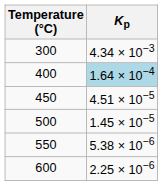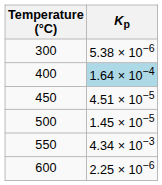 <table class="wikitable" style="clear:right; float:right; margin-left: 1em;" border="3">
 <tr>
 <th>Temperature<br>(°C)</th>
 <th><em>K</em><sub>p</sub><br></th>
 </tr>
 <tr>
 <td align="center">300</td>
-<td>4.34 × 10<sup>−3</sup></td>
+<td>5.38 × 10<sup>−6</sup></td>
 </tr>
 <tr>
 <td align="center">400</td>
 <td style="background: lightblue;">1.64 × 10<sup>−4</sup></td>
 </tr>
 <tr>
 <td align="center">450</td>
 <td>4.51 × 10<sup>−5</sup></td>
 </tr>
 <tr>
 <td align="center">500</td>
 <td>1.45 × 10<sup>−5</sup></td>
 </tr>
 <tr>
 <td align="center">550</td>
-<td>5.38 × 10<sup>−6</sup></td>
+<td>4.34 × 10<sup>−3</sup></td>
 </tr>
 <tr>
 <td align="center">600</td>
 <td>2.25 × 10<sup>−6</sup></td>
 </tr>
 </table>
